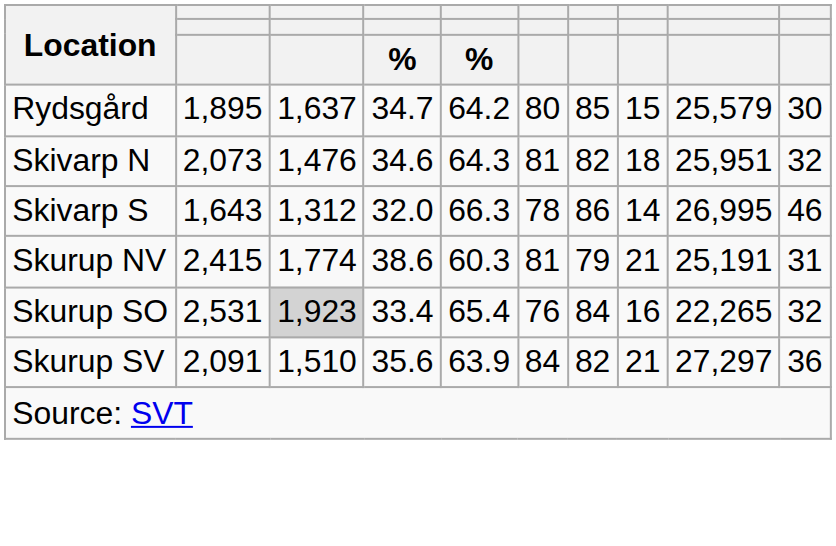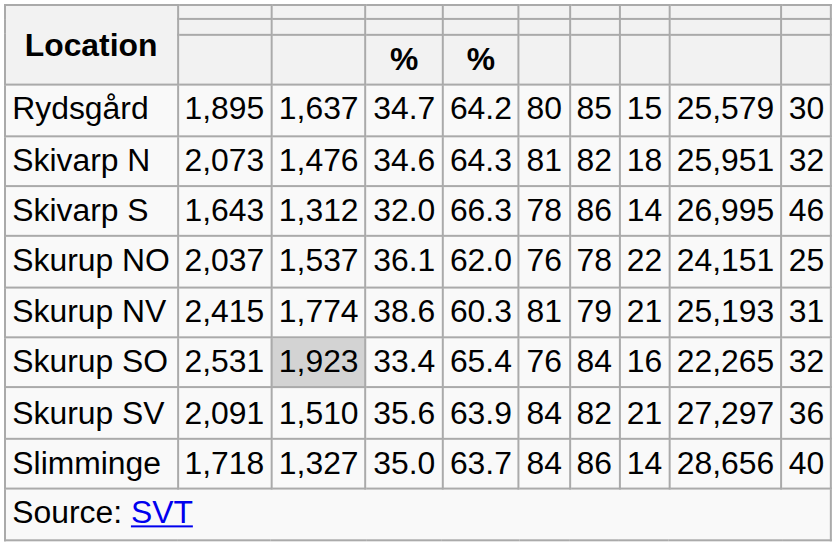 <table role="presentation" class="wikitable sortable mw-collapsible">
 <tr>
 <th rowspan="3">Location</th>
 <th></th>
 <th></th>
 <th></th>
 <th></th>
 <th></th>
 <th></th>
 <th></th>
 <th></th>
 <th></th>
 </tr>
 <tr>
 <th></th>
 <th></th>
 <th style="background:"></th>
 <th style="background:"></th>
 <th></th>
 <th></th>
 <th></th>
 <th></th>
 <th></th>
 </tr>
 <tr>
 <th data-sort-type="number"></th>
 <th data-sort-type="number"></th>
 <th data-sort-type="number">%</th>
 <th data-sort-type="number">%</th>
 <th data-sort-type="number"></th>
 <th data-sort-type="number"></th>
 <th data-sort-type="number"></th>
 <th data-sort-type="number"></th>
 <th data-sort-type="number"></th>
 </tr>
 <tr>
 <td align="left">Rydsgård</td>
 <td>1,895</td>
 <td>1,637</td>
 <td>34.7</td>
 <td>64.2</td>
 <td>80</td>
 <td>85</td>
 <td>15</td>
 <td>25,579</td>
 <td>30</td>
 </tr>
 <tr>
 <td align="left">Skivarp N</td>
 <td>2,073</td>
 <td>1,476</td>
 <td>34.6</td>
 <td>64.3</td>
 <td>81</td>
 <td>82</td>
 <td>18</td>
 <td>25,951</td>
 <td>32</td>
 </tr>
 <tr>
 <td align="left">Skivarp S</td>
 <td>1,643</td>
 <td>1,312</td>
 <td>32.0</td>
 <td>66.3</td>
 <td>78</td>
 <td>86</td>
 <td>14</td>
 <td>26,995</td>
 <td>46</td>
 </tr>
 <tr>
+<td align="left">Skurup NO</td>
+<td>2,037</td>
+<td>1,537</td>
+<td>36.1</td>
+<td>62.0</td>
+<td>76</td>
+<td>78</td>
+<td>22</td>
+<td>24,151</td>
+<td>25</td>
+</tr>
+<tr>
 <td align="left">Skurup NV</td>
 <td>2,415</td>
 <td>1,774</td>
 <td>38.6</td>
 <td>60.3</td>
 <td>81</td>
 <td>79</td>
 <td>21</td>
-<td>25,191</td>
+<td>25,193</td>
 <td>31</td>
 </tr>
 <tr>
 <td align="left">Skurup SO</td>
 <td>2,531</td>
 <td style="background: lightgrey;">1,923</td>
 <td>33.4</td>
 <td>65.4</td>
 <td>76</td>
 <td>84</td>
 <td>16</td>
 <td>22,265</td>
 <td>32</td>
 </tr>
 <tr>
 <td align="left">Skurup SV</td>
 <td>2,091</td>
 <td>1,510</td>
 <td>35.6</td>
 <td>63.9</td>
 <td>84</td>
 <td>82</td>
 <td>21</td>
 <td>27,297</td>
 <td>36</td>
 </tr>
 <tr>
+<td align="left">Slimminge</td>
+<td>1,718</td>
+<td>1,327</td>
+<td>35.0</td>
+<td>63.7</td>
+<td>84</td>
+<td>86</td>
+<td>14</td>
+<td>28,656</td>
+<td>40</td>
+</tr>
+<tr>
 <td colspan="10" align="left">Source: <a href='#'>SVT</a></td>
 </tr>
 </table>
